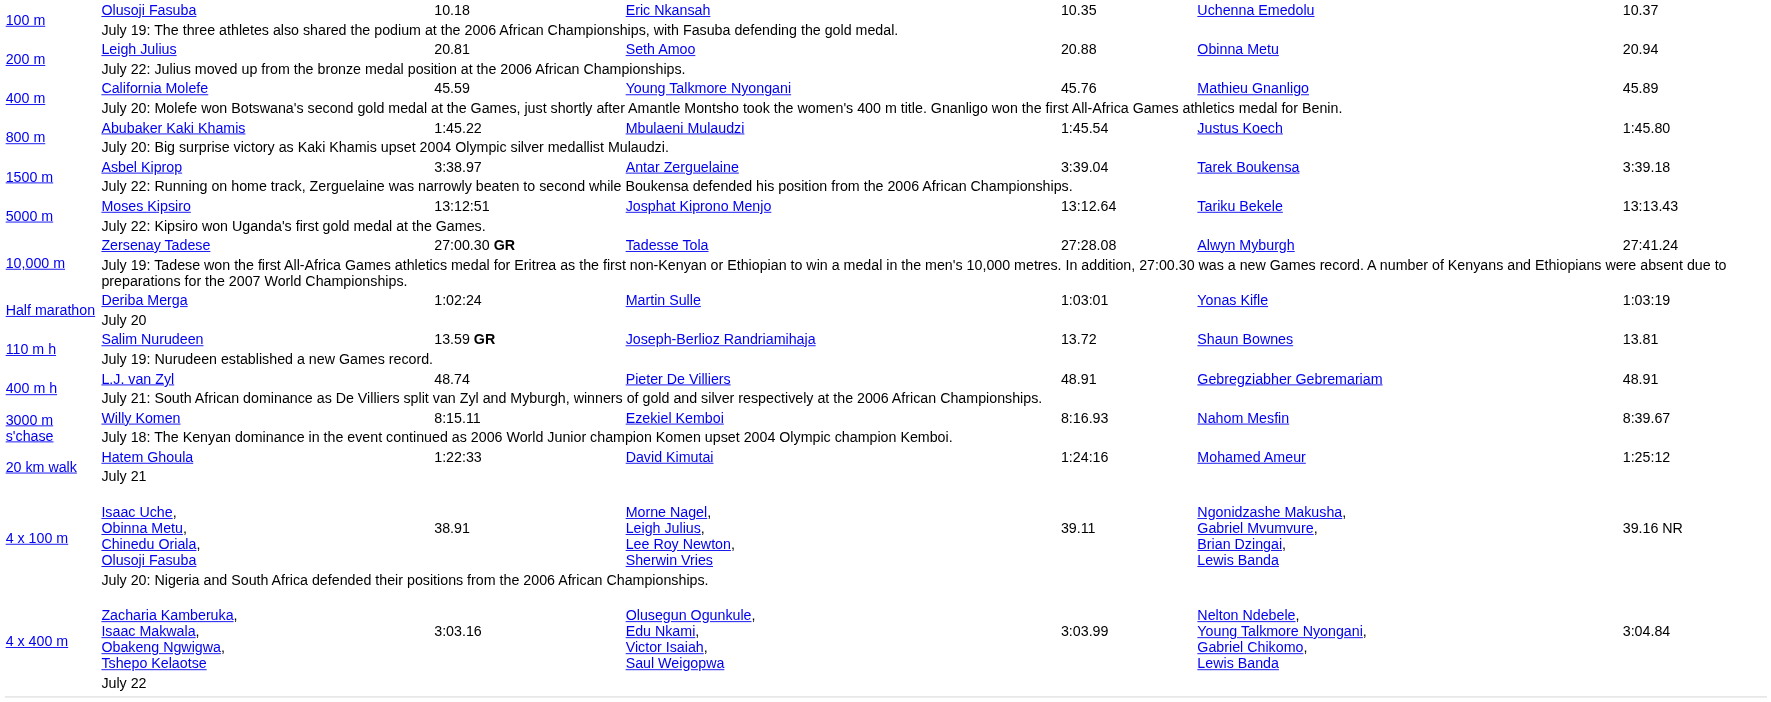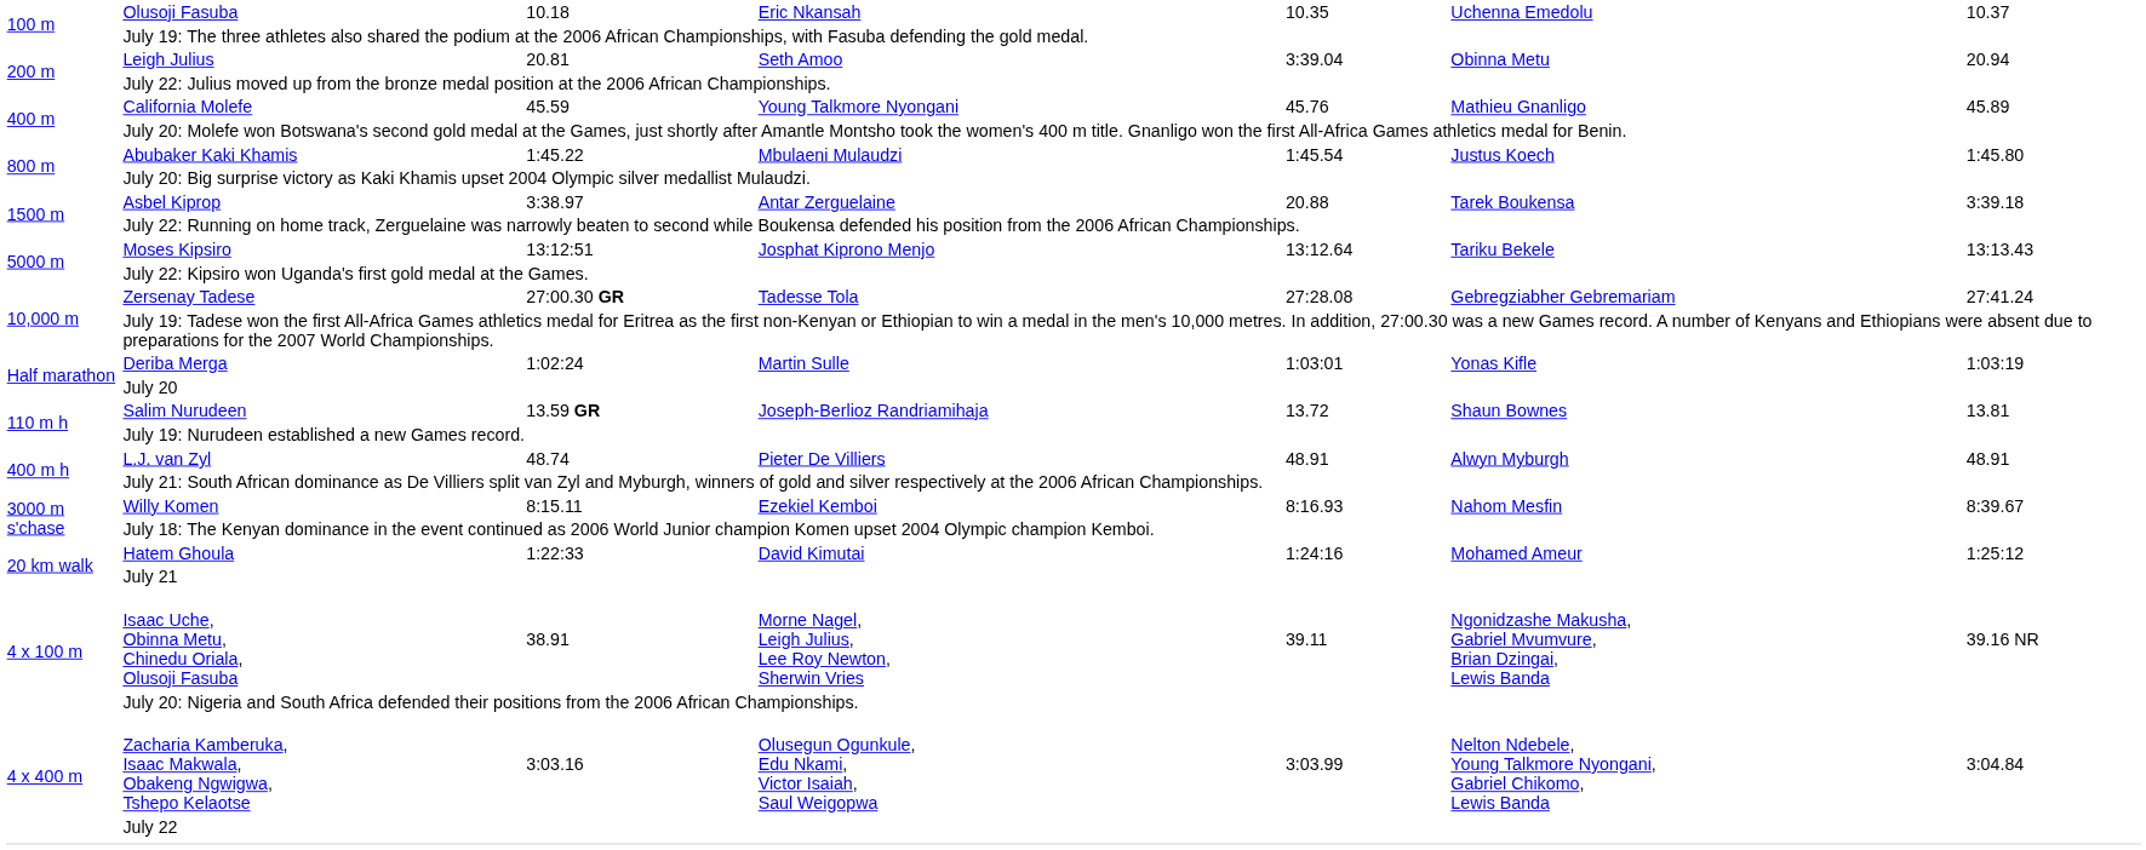 <table>
 <tr>
 <td rowspan=2><a href='#'>100 m</a><br></td>
 <td><a href='#'>Olusoji Fasuba</a> <br> </td>
 <td>10.18</td>
 <td><a href='#'>Eric Nkansah</a> <br> </td>
 <td>10.35</td>
 <td><a href='#'>Uchenna Emedolu</a> <br> </td>
 <td>10.37</td>
 </tr>
 <tr>
 <td colspan=6>July 19: The three athletes also shared the podium at the 2006 African Championships, with Fasuba defending the gold medal.</td>
 </tr>
 <tr>
 <td rowspan=2><a href='#'>200 m</a><br></td>
 <td><a href='#'>Leigh Julius</a> <br> </td>
 <td>20.81</td>
 <td><a href='#'>Seth Amoo</a> <br> </td>
-<td>20.88</td>
+<td>3:39.04</td>
 <td><a href='#'>Obinna Metu</a> <br> </td>
 <td>20.94</td>
 </tr>
 <tr>
 <td colspan=6>July 22: Julius moved up from the bronze medal position at the 2006 African Championships.</td>
 </tr>
 <tr>
 <td rowspan=2><a href='#'>400 m</a><br></td>
 <td><a href='#'>California Molefe</a> <br>  </td>
 <td>45.59</td>
 <td><a href='#'>Young Talkmore Nyongani</a> <br> </td>
 <td>45.76</td>
 <td><a href='#'>Mathieu Gnanligo</a> <br> </td>
 <td>45.89</td>
 </tr>
 <tr>
 <td colspan=6>July 20: Molefe won Botswana's second gold medal at the Games, just shortly after Amantle Montsho took the women's 400 m title. Gnanligo won the first All-Africa Games athletics medal for Benin.</td>
 </tr>
 <tr>
 <td rowspan=2><a href='#'>800 m</a><br></td>
 <td><a href='#'>Abubaker Kaki Khamis</a> <br> </td>
 <td>1:45.22</td>
 <td><a href='#'>Mbulaeni Mulaudzi</a> <br> </td>
 <td>1:45.54</td>
 <td><a href='#'>Justus Koech</a> <br> </td>
 <td>1:45.80</td>
 </tr>
 <tr>
 <td colspan=6>July 20: Big surprise victory as Kaki Khamis upset 2004 Olympic silver medallist Mulaudzi.</td>
 </tr>
 <tr>
 <td rowspan=2><a href='#'>1500 m</a><br></td>
 <td><a href='#'>Asbel Kiprop</a> <br> </td>
 <td>3:38.97</td>
 <td><a href='#'>Antar Zerguelaine</a> <br> </td>
-<td>3:39.04</td>
+<td>20.88</td>
 <td><a href='#'>Tarek Boukensa</a> <br> </td>
 <td>3:39.18</td>
 </tr>
 <tr>
 <td colspan=6>July 22: Running on home track, Zerguelaine was narrowly beaten to second while Boukensa defended his position from the 2006 African Championships.</td>
 </tr>
 <tr>
 <td rowspan=2><a href='#'>5000 m</a><br></td>
 <td><a href='#'>Moses Kipsiro</a> <br> </td>
 <td>13:12:51</td>
 <td><a href='#'>Josphat Kiprono Menjo</a> <br>  </td>
 <td>13:12.64</td>
 <td><a href='#'>Tariku Bekele</a> <br> </td>
 <td>13:13.43</td>
 </tr>
 <tr>
 <td colspan=6>July 22: Kipsiro won Uganda's first gold medal at the Games.</td>
 </tr>
 <tr>
 <td rowspan=2><a href='#'>10,000 m</a><br></td>
 <td><a href='#'>Zersenay Tadese</a> <br> </td>
 <td>27:00.30 <strong>GR</strong></td>
 <td><a href='#'>Tadesse Tola</a> <br>  </td>
 <td>27:28.08</td>
-<td><a href='#'>Alwyn Myburgh</a> <br> </td>
+<td><a href='#'>Gebregziabher Gebremariam</a> <br> </td>
 <td>27:41.24</td>
 </tr>
 <tr>
 <td colspan=6>July 19: Tadese won the first All-Africa Games athletics medal for Eritrea as the first non-Kenyan or Ethiopian to win a medal in the men's 10,000 metres. In addition, 27:00.30 was a new Games record. A number of Kenyans and Ethiopians were absent due to preparations for the 2007 World Championships.</td>
 </tr>
 <tr>
 <td rowspan=2><a href='#'>Half marathon</a><br></td>
 <td><a href='#'>Deriba Merga</a> <br> </td>
 <td>1:02:24</td>
 <td><a href='#'>Martin Sulle</a> <br>  </td>
 <td>1:03:01</td>
 <td><a href='#'>Yonas Kifle</a> <br> </td>
 <td>1:03:19</td>
 </tr>
 <tr>
 <td colspan=6>July 20</td>
 </tr>
 <tr>
 <td rowspan=2><a href='#'>110 m h</a><br></td>
 <td><a href='#'>Salim Nurudeen</a> <br> </td>
 <td>13.59 <strong>GR</strong></td>
 <td><a href='#'>Joseph-Berlioz Randriamihaja</a> <br> </td>
 <td>13.72</td>
 <td><a href='#'>Shaun Bownes</a> <br> </td>
 <td>13.81</td>
 </tr>
 <tr>
 <td colspan=6>July 19: Nurudeen established a new Games record.</td>
 </tr>
 <tr>
 <td rowspan=2><a href='#'>400 m h</a><br></td>
 <td><a href='#'>L.J. van Zyl</a> <br> </td>
 <td>48.74</td>
 <td><a href='#'>Pieter De Villiers</a> <br> </td>
 <td>48.91</td>
-<td><a href='#'>Gebregziabher Gebremariam</a> <br> </td>
+<td><a href='#'>Alwyn Myburgh</a> <br> </td>
 <td>48.91</td>
 </tr>
 <tr>
 <td colspan=6>July 21: South African dominance as De Villiers split van Zyl and Myburgh, winners of gold and silver respectively at the 2006 African Championships.</td>
 </tr>
 <tr>
 <td rowspan=2><a href='#'>3000 m s'chase</a><br></td>
 <td><a href='#'>Willy Komen</a> <br> </td>
 <td>8:15.11</td>
 <td><a href='#'>Ezekiel Kemboi</a>  <br> </td>
 <td>8:16.93</td>
 <td><a href='#'>Nahom Mesfin</a> <br> </td>
 <td>8:39.67</td>
 </tr>
 <tr>
 <td colspan=6>July 18: The Kenyan dominance in the event continued as 2006 World Junior champion Komen upset 2004 Olympic champion Kemboi.</td>
 </tr>
 <tr>
 <td rowspan=2><a href='#'>20 km walk</a><br></td>
 <td><a href='#'>Hatem Ghoula</a> <br> </td>
 <td>1:22:33</td>
 <td><a href='#'>David Kimutai</a> <br> </td>
 <td>1:24:16</td>
 <td><a href='#'>Mohamed Ameur</a> <br> </td>
 <td>1:25:12</td>
 </tr>
 <tr>
 <td colspan=6>July 21</td>
 </tr>
 <tr>
 <td rowspan=2><a href='#'>4 x 100 m</a><br></td>
 <td><br><a href='#'>Isaac Uche</a>,<br><a href='#'>Obinna Metu</a>,<br><a href='#'>Chinedu Oriala</a>,<br><a href='#'>Olusoji Fasuba</a></td>
 <td>38.91</td>
 <td><br><a href='#'>Morne Nagel</a>,<br><a href='#'>Leigh Julius</a>,<br><a href='#'>Lee Roy Newton</a>,<br><a href='#'>Sherwin Vries</a></td>
 <td>39.11</td>
 <td><br><a href='#'>Ngonidzashe Makusha</a>,<br><a href='#'>Gabriel Mvumvure</a>,<br><a href='#'>Brian Dzingai</a>,<br><a href='#'>Lewis Banda</a></td>
 <td>39.16 NR</td>
 </tr>
 <tr>
 <td colspan=6>July 20: Nigeria and South Africa defended their positions from the 2006 African Championships.</td>
 </tr>
 <tr>
 <td rowspan=2><a href='#'>4 x 400 m</a><br></td>
 <td><br><a href='#'>Zacharia Kamberuka</a>,<br><a href='#'>Isaac Makwala</a>,<br><a href='#'>Obakeng Ngwigwa</a>,<br><a href='#'>Tshepo Kelaotse</a></td>
 <td>3:03.16</td>
 <td><br><a href='#'>Olusegun Ogunkule</a>,<br><a href='#'>Edu Nkami</a>,<br><a href='#'>Victor Isaiah</a>,<br><a href='#'>Saul Weigopwa</a></td>
 <td>3:03.99</td>
 <td><br><a href='#'>Nelton Ndebele</a>,<br><a href='#'>Young Talkmore Nyongani</a>,<br><a href='#'>Gabriel Chikomo</a>,<br><a href='#'>Lewis Banda</a></td>
 <td>3:04.84</td>
 </tr>
 <tr>
 <td colspan=6>July 22</td>
 </tr>
 <tr>
 </tr>
 <tr bgcolor= e8e8e8>
 <td colspan=7></td>
 </tr>
 </table>
